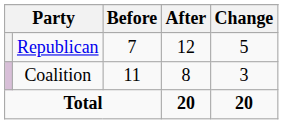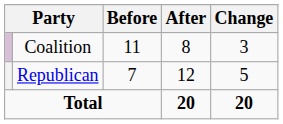 <table class="wikitable" style="text-align:center;">
 <tr>
 </tr>
 <tr>
 <th colspan=2>Party</th>
 <th>Before</th>
 <th>After</th>
 <th>Change</th>
 </tr>
 <tr>
+<th style="background:thistle;"></th>
+<td>Coalition</td>
+<td>11</td>
+<td>8</td>
+<td> 3</td>
+</tr>
+<tr>
 <th style="background-color:"></th>
 <td style="text-align:left;"><a href='#'>Republican</a></td>
 <td>7</td>
 <td>12</td>
 <td> 5</td>
 </tr>
 <tr>
-<th style="background:thistle;"></th>
-<td>Coalition</td>
-<td>11</td>
-<td>8</td>
-<td> 3</td>
-</tr>
-<tr>
 <td colspan=3><strong>Total</strong></td>
 <td><strong>20</strong></td>
 <td><strong>20</strong></td>
 </tr>
 </table>
